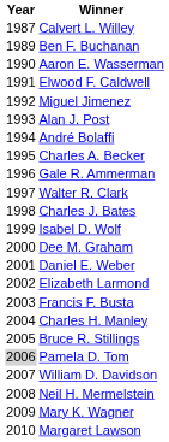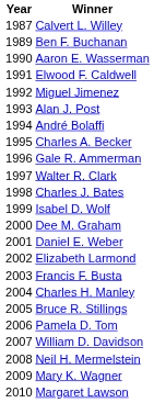 <table>
 <tr>
 <th>Year</th>
 <th>Winner</th>
 </tr>
 <tr>
 <td>1987</td>
 <td><a href='#'>Calvert L. Willey</a></td>
 </tr>
 <tr>
 <td>1989</td>
 <td><a href='#'>Ben F. Buchanan</a></td>
 </tr>
 <tr>
 <td>1990</td>
 <td><a href='#'>Aaron E. Wasserman</a></td>
 </tr>
 <tr>
 <td>1991</td>
 <td><a href='#'>Elwood F. Caldwell</a></td>
 </tr>
 <tr>
 <td>1992</td>
 <td><a href='#'>Miguel Jimenez</a></td>
 </tr>
 <tr>
 <td>1993</td>
 <td><a href='#'>Alan J. Post</a></td>
 </tr>
 <tr>
 <td>1994</td>
 <td><a href='#'>André Bolaffi</a></td>
 </tr>
 <tr>
 <td>1995</td>
 <td><a href='#'>Charles A. Becker</a></td>
 </tr>
 <tr>
 <td>1996</td>
 <td><a href='#'>Gale R. Ammerman</a></td>
 </tr>
 <tr>
 <td>1997</td>
 <td><a href='#'>Walter R. Clark</a></td>
 </tr>
 <tr>
 <td>1998</td>
 <td><a href='#'>Charles J. Bates</a></td>
 </tr>
 <tr>
 <td>1999</td>
 <td><a href='#'>Isabel D. Wolf</a></td>
 </tr>
 <tr>
 <td>2000</td>
 <td><a href='#'>Dee M. Graham</a></td>
 </tr>
 <tr>
 <td>2001</td>
 <td><a href='#'>Daniel E. Weber</a></td>
 </tr>
 <tr>
 <td>2002</td>
 <td><a href='#'>Elizabeth Larmond</a></td>
 </tr>
 <tr>
 <td>2003</td>
 <td><a href='#'>Francis F. Busta</a></td>
 </tr>
 <tr>
 <td>2004</td>
 <td><a href='#'>Charles H. Manley</a></td>
 </tr>
 <tr>
 <td>2005</td>
 <td><a href='#'>Bruce R. Stillings</a></td>
 </tr>
 <tr>
-<td style="background: lightgrey;">2006</td>
+<td>2006</td>
 <td><a href='#'>Pamela D. Tom</a></td>
 </tr>
 <tr>
 <td>2007</td>
 <td><a href='#'>William D. Davidson</a></td>
 </tr>
 <tr>
 <td>2008</td>
 <td><a href='#'>Neil H. Mermelstein</a></td>
 </tr>
 <tr>
 <td>2009</td>
 <td><a href='#'>Mary K. Wagner</a></td>
 </tr>
 <tr>
 <td>2010</td>
 <td><a href='#'>Margaret Lawson</a></td>
 </tr>
 </table>
